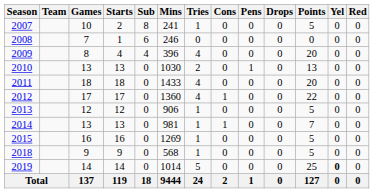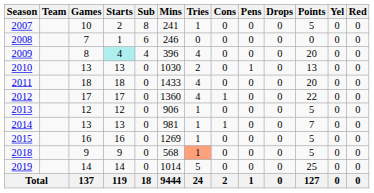 <table class="wikitable" style="text-align:center; line-height:90%; font-size:95%; width:60%;">
 <tr>
 <th>Season</th>
 <th>Team</th>
 <th>Games</th>
 <th>Starts</th>
 <th>Sub</th>
 <th>Mins</th>
 <th>Tries</th>
 <th>Cons</th>
 <th>Pens</th>
 <th>Drops</th>
 <th>Points</th>
 <th>Yel</th>
 <th>Red</th>
 </tr>
 <tr>
 <td><a href='#'>2007</a></td>
 <td></td>
 <td>10</td>
 <td>2</td>
 <td>8</td>
 <td>241</td>
 <td>1</td>
 <td>0</td>
 <td>0</td>
 <td>0</td>
 <td>5</td>
 <td>0</td>
 <td>0</td>
 </tr>
 <tr>
 <td><a href='#'>2008</a></td>
 <td></td>
 <td>7</td>
 <td>1</td>
 <td>6</td>
 <td>246</td>
 <td>0</td>
 <td>0</td>
 <td>0</td>
 <td>0</td>
 <td>0</td>
 <td>0</td>
 <td>0</td>
 </tr>
 <tr>
 <td><a href='#'>2009</a></td>
 <td></td>
 <td>8</td>
-<td>4</td>
+<td style="background: paleturquoise;">4</td>
 <td>4</td>
 <td>396</td>
 <td>4</td>
 <td>0</td>
 <td>0</td>
 <td>0</td>
 <td>20</td>
 <td>0</td>
 <td>0</td>
 </tr>
 <tr>
 <td><a href='#'>2010</a></td>
 <td></td>
 <td>13</td>
 <td>13</td>
 <td>0</td>
 <td>1030</td>
 <td>2</td>
 <td>0</td>
 <td>1</td>
 <td>0</td>
 <td>13</td>
 <td>0</td>
 <td>0</td>
 </tr>
 <tr>
 <td><a href='#'>2011</a></td>
 <td></td>
 <td>18</td>
 <td>18</td>
 <td>0</td>
 <td>1433</td>
 <td>4</td>
 <td>0</td>
 <td>0</td>
 <td>0</td>
 <td>20</td>
 <td>0</td>
 <td>0</td>
 </tr>
 <tr>
 <td><a href='#'>2012</a></td>
 <td></td>
 <td>17</td>
 <td>17</td>
 <td>0</td>
 <td>1360</td>
 <td>4</td>
 <td>1</td>
 <td>0</td>
 <td>0</td>
 <td>22</td>
 <td>0</td>
 <td>0</td>
 </tr>
 <tr>
 <td><a href='#'>2013</a></td>
 <td></td>
 <td>12</td>
 <td>12</td>
 <td>0</td>
 <td>906</td>
 <td>1</td>
 <td>0</td>
 <td>0</td>
 <td>0</td>
 <td>5</td>
 <td>0</td>
 <td>0</td>
 </tr>
 <tr>
 <td><a href='#'>2014</a></td>
 <td></td>
 <td>13</td>
 <td>13</td>
 <td>0</td>
 <td>981</td>
 <td>1</td>
 <td>1</td>
 <td>0</td>
 <td>0</td>
 <td>7</td>
 <td>0</td>
 <td>0</td>
 </tr>
 <tr>
 <td><a href='#'>2015</a></td>
 <td></td>
 <td>16</td>
 <td>16</td>
 <td>0</td>
 <td>1269</td>
 <td>1</td>
 <td>0</td>
 <td>0</td>
 <td>0</td>
 <td>5</td>
 <td>0</td>
 <td>0</td>
 </tr>
 <tr>
 <td><a href='#'>2018</a></td>
 <td></td>
 <td>9</td>
 <td>9</td>
 <td>0</td>
 <td>568</td>
-<td>1</td>
+<td style="background: lightsalmon;">1</td>
 <td>0</td>
 <td>0</td>
 <td>0</td>
 <td>5</td>
 <td>0</td>
 <td>0</td>
 </tr>
 <tr>
 <td><a href='#'>2019</a></td>
 <td></td>
 <td>14</td>
 <td>14</td>
 <td>0</td>
 <td>1014</td>
 <td>5</td>
 <td>0</td>
 <td>0</td>
 <td>0</td>
 <td>25</td>
-<td><strong>0</strong></td>
+<td>0</td>
 <td>0</td>
 </tr>
 <tr>
 <th colspan="2">Total</th>
 <th>137</th>
 <th>119</th>
 <th>18</th>
 <th>9444</th>
 <th>24</th>
 <th>2</th>
 <th>1</th>
 <th>0</th>
 <th>127</th>
 <th>0</th>
 <th>0</th>
 </tr>
 </table>
